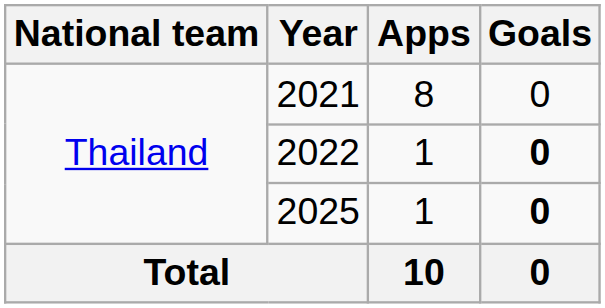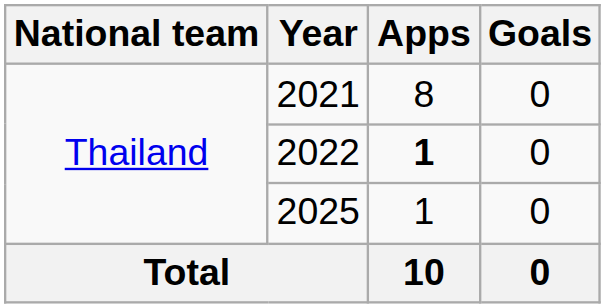 <table class=wikitable style=text-align:center>
 <tr>
 <th>National team</th>
 <th>Year</th>
 <th>Apps</th>
 <th>Goals</th>
 </tr>
 <tr>
 <td rowspan=3><a href='#'>Thailand</a></td>
 <td>2021</td>
 <td>8</td>
 <td>0</td>
 </tr>
 <tr>
 <td>2022</td>
-<td>1</td>
-<td><strong>0</strong></td>
+<td><strong>1</strong></td>
+<td>0</td>
 </tr>
 <tr>
 <td>2025</td>
 <td>1</td>
-<td><strong>0</strong></td>
+<td>0</td>
 </tr>
 <tr>
 <th colspan=2>Total</th>
 <th>10</th>
 <th>0</th>
 </tr>
 </table>
